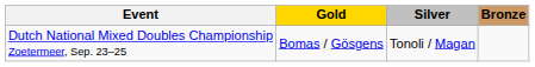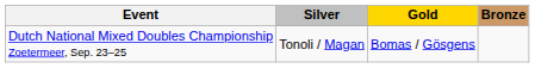 <table class="wikitable">
 <tr>
 <th>Event</th>
+<th style="background:silver">Silver</th>
 <th style="background:gold">Gold</th>
-<th style="background:silver">Silver</th>
 <th style="background:#cc9966">Bronze</th>
 </tr>
 <tr>
 <td><a href='#'>Dutch National Mixed Doubles Championship</a> <br> <small><a href='#'>Zoetermeer</a>, Sep. 23–25</small></td>
+<td>Tonoli / <a href='#'>Magan</a></td>
 <td><a href='#'>Bomas</a> / <a href='#'>Gösgens</a></td>
-<td>Tonoli / <a href='#'>Magan</a></td>
 <td></td>
 </tr>
 </table>
